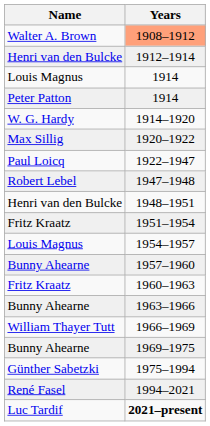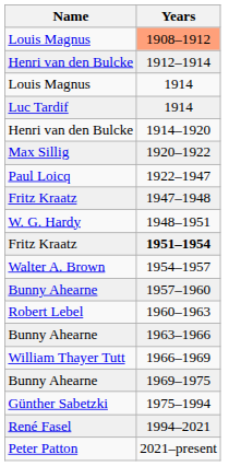 <table class="wikitable">
 <tr style="background:#e0e0e0;">
 <th>Name</th>
 <th>Years</th>
 </tr>
 <tr style="text-align:center;">
-<td style="text-align:left;"> <a href='#'>Walter A. Brown</a></td>
+<td style="text-align:left;"> <a href='#'>Louis Magnus</a></td>
 <td style="background: lightsalmon;">1908–1912</td>
 </tr>
 <tr style="text-align:center; background:#f0f0f0;">
 <td style="text-align:left;"> <a href='#'>Henri van den Bulcke</a></td>
 <td>1912–1914</td>
 </tr>
 <tr style="text-align:center;">
 <td style="text-align:left;"> Louis Magnus</td>
 <td>1914</td>
 </tr>
 <tr style="text-align:center; background:#f0f0f0;">
-<td style="text-align:left;"> <a href='#'>Peter Patton</a></td>
+<td style="text-align:left;"> <a href='#'>Luc Tardif</a></td>
 <td>1914</td>
 </tr>
 <tr style="text-align:center;">
-<td style="text-align:left;"> <a href='#'>W. G. Hardy</a></td>
+<td style="text-align:left;"> Henri van den Bulcke</td>
 <td>1914–1920</td>
 </tr>
 <tr style="text-align:center; background:#f0f0f0;">
 <td style="text-align:left;"> <a href='#'>Max Sillig</a></td>
 <td>1920–1922</td>
 </tr>
 <tr style="text-align:center;">
 <td style="text-align:left;"> <a href='#'>Paul Loicq</a></td>
 <td>1922–1947</td>
 </tr>
 <tr style="text-align:center; background:#f0f0f0;">
-<td style="text-align:left;"> <a href='#'>Robert Lebel</a></td>
+<td style="text-align:left;"> <a href='#'>Fritz Kraatz</a></td>
 <td>1947–1948</td>
 </tr>
 <tr style="text-align:center;">
-<td style="text-align:left;"> Henri van den Bulcke</td>
+<td style="text-align:left;"> <a href='#'>W. G. Hardy</a></td>
 <td>1948–1951</td>
 </tr>
 <tr style="text-align:center; background:#f0f0f0;">
 <td style="text-align:left;"> Fritz Kraatz</td>
-<td>1951–1954</td>
+<td><strong>1951–1954</strong></td>
 </tr>
 <tr style="text-align:center;">
-<td style="text-align:left;"> <a href='#'>Louis Magnus</a></td>
+<td style="text-align:left;"> <a href='#'>Walter A. Brown</a></td>
 <td>1954–1957</td>
 </tr>
 <tr style="text-align:center; background:#f0f0f0;">
 <td style="text-align:left;"> <a href='#'>Bunny Ahearne</a></td>
 <td>1957–1960</td>
 </tr>
 <tr style="text-align:center;">
-<td style="text-align:left;"> <a href='#'>Fritz Kraatz</a></td>
+<td style="text-align:left;"> <a href='#'>Robert Lebel</a></td>
 <td>1960–1963</td>
 </tr>
 <tr style="text-align:center; background:#f0f0f0;">
 <td style="text-align:left;"> Bunny Ahearne</td>
 <td>1963–1966</td>
 </tr>
 <tr style="text-align:center;">
 <td style="text-align:left;"> <a href='#'>William Thayer Tutt</a></td>
 <td>1966–1969</td>
 </tr>
 <tr style="text-align:center; background:#f0f0f0;">
 <td style="text-align:left;"> Bunny Ahearne</td>
 <td>1969–1975</td>
 </tr>
 <tr style="text-align:center;">
 <td style="text-align:left;"> <a href='#'>Günther Sabetzki</a></td>
 <td>1975–1994</td>
 </tr>
 <tr style="text-align:center; background:#f0f0f0;">
 <td style="text-align:left;"> <a href='#'>René Fasel</a></td>
 <td>1994–2021</td>
 </tr>
 <tr style="text-align:center;">
-<td style="text-align:left;"> <a href='#'>Luc Tardif</a></td>
-<td><strong>2021–present</strong></td>
+<td style="text-align:left;"> <a href='#'>Peter Patton</a></td>
+<td>2021–present</td>
 </tr>
 </table>
